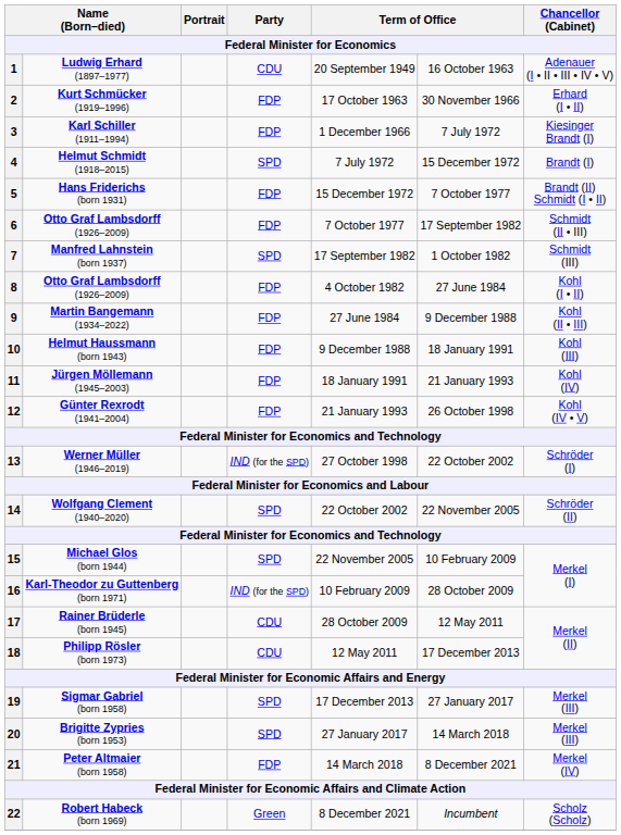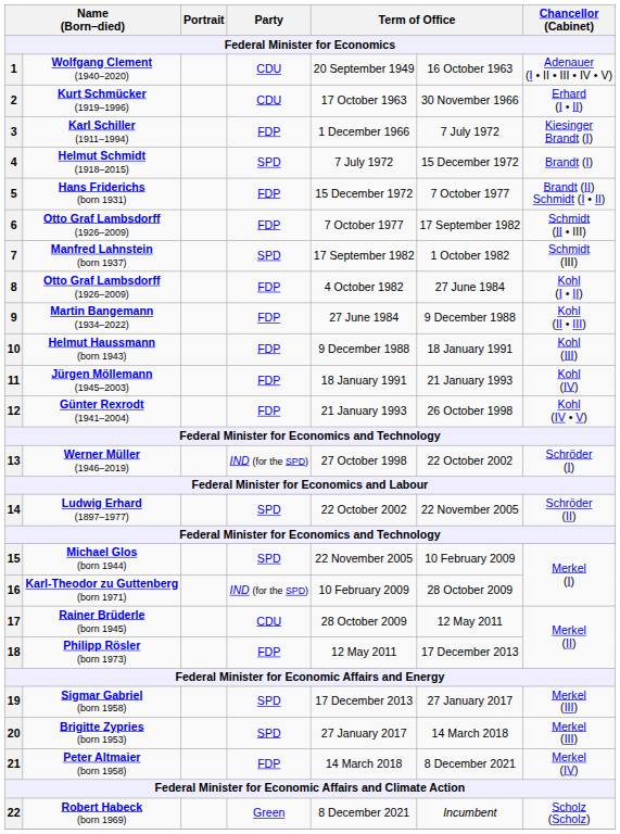 <table class="wikitable" style="text-align:center;">
 <tr>
 <th colspan=2>Name<br>(Born–died)</th>
 <th>Portrait</th>
 <th>Party</th>
 <th colspan=2>Term of Office</th>
 <th><a href='#'>Chancellor</a><br>(Cabinet)</th>
 </tr>
 <tr>
 <th style="background:#EEEEFF" align="center" colspan="7">Federal Minister for Economics</th>
 </tr>
 <tr>
 <th style="background:">1</th>
-<td><strong><a href='#'>Ludwig Erhard</a></strong><br><small>(1897–1977)</small></td>
+<td><strong><a href='#'>Wolfgang Clement</a></strong><br><small>(1940–2020)</small></td>
 <td></td>
 <td><a href='#'>CDU</a></td>
 <td>20 September 1949</td>
 <td>16 October 1963</td>
 <td><a href='#'>Adenauer</a><br>(<a href='#'>I</a> • II • III • IV • V)</td>
 </tr>
 <tr>
 <th style="background:">2</th>
 <td><strong><a href='#'>Kurt Schmücker</a></strong><br><small>(1919–1996)</small></td>
 <td></td>
-<td><a href='#'>FDP</a></td>
+<td><a href='#'>CDU</a></td>
 <td>17 October 1963</td>
 <td>30 November 1966</td>
 <td><a href='#'>Erhard</a><br>(<a href='#'>I</a> • <a href='#'>II</a>)</td>
 </tr>
 <tr>
 <th style="background:">3</th>
 <td><strong><a href='#'>Karl Schiller</a></strong><br><small>(1911–1994)</small></td>
 <td></td>
 <td><a href='#'>FDP</a></td>
 <td>1 December 1966</td>
 <td>7 July 1972</td>
 <td><a href='#'>Kiesinger</a><br><a href='#'>Brandt</a> (<a href='#'>I</a>)</td>
 </tr>
 <tr>
 <th style="background:">4</th>
 <td><strong><a href='#'>Helmut Schmidt</a></strong><br><small>(1918–2015)</small></td>
 <td></td>
 <td><a href='#'>SPD</a></td>
 <td>7 July 1972</td>
 <td>15 December 1972</td>
 <td><a href='#'>Brandt</a> (<a href='#'>I</a>)</td>
 </tr>
 <tr>
 <th style="background:">5</th>
 <td><strong><a href='#'>Hans Friderichs</a></strong><br><small>(born 1931)</small></td>
 <td></td>
 <td><a href='#'>FDP</a></td>
 <td>15 December 1972</td>
 <td>7 October 1977</td>
 <td><a href='#'>Brandt</a> (<a href='#'>II</a>)<br><a href='#'>Schmidt</a> (<a href='#'>I</a> • <a href='#'>II</a>)</td>
 </tr>
 <tr>
 <th style="background:">6</th>
 <td><strong><a href='#'>Otto Graf Lambsdorff</a></strong><br><small>(1926–2009)</small></td>
 <td></td>
 <td><a href='#'>FDP</a></td>
 <td>7 October 1977</td>
 <td>17 September 1982</td>
 <td><a href='#'>Schmidt</a><br>(<a href='#'>II</a> • III)</td>
 </tr>
 <tr>
 <th style="background:">7</th>
 <td><strong><a href='#'>Manfred Lahnstein</a></strong><br><small>(born 1937)</small></td>
 <td></td>
 <td><a href='#'>SPD</a></td>
 <td>17 September 1982</td>
 <td>1 October 1982</td>
 <td><a href='#'>Schmidt</a><br>(III)</td>
 </tr>
 <tr>
 <th style="background:">8<br></th>
 <td><strong><a href='#'>Otto Graf Lambsdorff</a></strong><br><small>(1926–2009)</small></td>
 <td></td>
 <td><a href='#'>FDP</a></td>
 <td>4 October 1982</td>
 <td>27 June 1984</td>
 <td><a href='#'>Kohl</a><br>(<a href='#'>I</a> • <a href='#'>II</a>)</td>
 </tr>
 <tr>
 <th style="background:">9</th>
 <td><strong><a href='#'>Martin Bangemann</a></strong><br><small>(1934–2022)</small></td>
 <td></td>
 <td><a href='#'>FDP</a></td>
 <td>27 June 1984</td>
 <td>9 December 1988</td>
 <td><a href='#'>Kohl</a><br>(<a href='#'>II</a> • <a href='#'>III</a>)</td>
 </tr>
 <tr>
 <th style="background:">10</th>
 <td><strong><a href='#'>Helmut Haussmann</a></strong><br><small>(born 1943)</small></td>
 <td></td>
 <td><a href='#'>FDP</a></td>
 <td>9 December 1988</td>
 <td>18 January 1991</td>
 <td><a href='#'>Kohl</a><br>(<a href='#'>III</a>)</td>
 </tr>
 <tr>
 <th style="background:">11</th>
 <td><strong><a href='#'>Jürgen Möllemann</a></strong><br><small>(1945–2003)</small></td>
 <td></td>
 <td><a href='#'>FDP</a></td>
 <td>18 January 1991</td>
 <td>21 January 1993</td>
 <td><a href='#'>Kohl</a><br>(<a href='#'>IV</a>)</td>
 </tr>
 <tr>
 <th style="background:">12</th>
 <td><strong><a href='#'>Günter Rexrodt</a></strong><br><small>(1941–2004)</small></td>
 <td></td>
 <td><a href='#'>FDP</a></td>
 <td>21 January 1993</td>
 <td>26 October 1998</td>
 <td><a href='#'>Kohl</a><br>(<a href='#'>IV</a> • <a href='#'>V</a>)</td>
 </tr>
 <tr>
 <th style="background:#EEEEFF" colspan="7">Federal Minister for Economics and Technology</th>
 </tr>
 <tr>
 <th style="background:">13</th>
 <td><strong><a href='#'>Werner Müller</a></strong><br><small>(1946–2019)</small></td>
 <td></td>
 <td><a href='#'><em>IND</em></a> <small>(for the <a href='#'>SPD</a>)</small></td>
 <td>27 October 1998</td>
 <td>22 October 2002</td>
 <td><a href='#'>Schröder</a><br>(<a href='#'>I</a>)</td>
 </tr>
 <tr>
 <th style="background:#EEEEFF" colspan="7">Federal Minister for Economics and Labour</th>
 </tr>
 <tr>
 <th style="background:">14</th>
-<td><strong><a href='#'>Wolfgang Clement</a></strong><br><small>(1940–2020)</small></td>
+<td><strong><a href='#'>Ludwig Erhard</a></strong><br><small>(1897–1977)</small></td>
 <td></td>
 <td><a href='#'>SPD</a></td>
 <td>22 October 2002</td>
 <td>22 November 2005</td>
 <td><a href='#'>Schröder</a><br>(<a href='#'>II</a>)</td>
 </tr>
 <tr>
 <th style="background:#EEEEFF" colspan="7">Federal Minister for Economics and Technology</th>
 </tr>
 <tr>
 <th style="background:">15</th>
 <td><strong><a href='#'>Michael Glos</a></strong><br><small>(born 1944)</small></td>
 <td></td>
 <td><a href='#'>SPD</a></td>
 <td>22 November 2005</td>
 <td>10 February 2009</td>
 <td rowspan=2><a href='#'>Merkel</a><br>(<a href='#'>I</a>)</td>
 </tr>
 <tr>
 <th style="background:">16</th>
 <td><strong><a href='#'>Karl-Theodor zu Guttenberg</a></strong><br><small>(born 1971)</small></td>
 <td></td>
 <td><a href='#'><em>IND</em></a> <small>(for the <a href='#'>SPD</a>)</small></td>
 <td>10 February 2009</td>
 <td>28 October 2009</td>
 </tr>
 <tr>
 <th style="background:">17</th>
 <td><strong><a href='#'>Rainer Brüderle</a></strong><br><small>(born 1945)</small></td>
 <td></td>
 <td><a href='#'>CDU</a></td>
 <td>28 October 2009</td>
 <td>12 May 2011</td>
 <td rowspan=2><a href='#'>Merkel</a><br>(<a href='#'>II</a>)</td>
 </tr>
 <tr>
 <th style="background:">18</th>
 <td><strong><a href='#'>Philipp Rösler</a></strong><br><small>(born 1973)</small></td>
 <td></td>
-<td><a href='#'>CDU</a></td>
+<td><a href='#'>FDP</a></td>
 <td>12 May 2011</td>
 <td>17 December 2013</td>
 </tr>
 <tr>
 <th style="background:#EEEEFF" colspan="7">Federal Minister for Economic Affairs and Energy</th>
 </tr>
 <tr>
 <th style="background:">19</th>
 <td><strong><a href='#'>Sigmar Gabriel</a></strong><br><small>(born 1958)</small></td>
 <td></td>
 <td><a href='#'>SPD</a></td>
 <td>17 December 2013</td>
 <td>27 January 2017</td>
 <td><a href='#'>Merkel</a><br>(<a href='#'>III</a>)</td>
 </tr>
 <tr>
 <th style="background:">20</th>
 <td><strong><a href='#'>Brigitte Zypries</a></strong><br><small>(born 1953)</small></td>
 <td></td>
 <td><a href='#'>SPD</a></td>
 <td>27 January 2017</td>
 <td>14 March 2018</td>
 <td><a href='#'>Merkel</a><br>(<a href='#'>III</a>)</td>
 </tr>
 <tr>
 <th style="background:">21</th>
 <td><strong><a href='#'>Peter Altmaier</a></strong><br><small>(born 1958)</small></td>
 <td></td>
 <td><a href='#'>FDP</a></td>
 <td>14 March 2018</td>
 <td>8 December 2021</td>
 <td><a href='#'>Merkel</a><br>(<a href='#'>IV</a>)</td>
 </tr>
 <tr>
 <th style="background:#EEEEFF" colspan="7">Federal Minister for Economic Affairs and Climate Action</th>
 </tr>
 <tr>
 <th style="background:">22</th>
 <td><strong><a href='#'>Robert Habeck</a></strong><br><small>(born 1969)</small></td>
 <td></td>
 <td><a href='#'>Green</a></td>
 <td>8 December 2021</td>
 <td><em>Incumbent</em></td>
 <td><a href='#'>Scholz</a><br>(<a href='#'>Scholz</a>)</td>
 </tr>
 <tr>
 </tr>
 </table>
